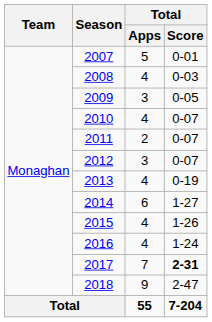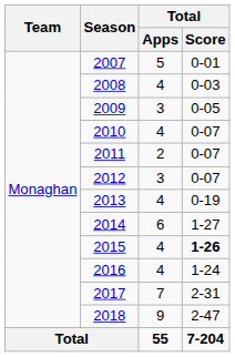 <table class="wikitable" style="text-align:center">
 <tr>
 <th rowspan="2">Team</th>
 <th rowspan="2">Season</th>
 <th colspan="2">Total</th>
 </tr>
 <tr>
 <th>Apps</th>
 <th>Score</th>
 </tr>
 <tr>
 <td rowspan="12"><a href='#'>Monaghan</a></td>
 <td><a href='#'>2007</a></td>
 <td>5</td>
 <td>0-01</td>
 </tr>
 <tr>
 <td><a href='#'>2008</a></td>
 <td>4</td>
 <td>0-03</td>
 </tr>
 <tr>
 <td><a href='#'>2009</a></td>
 <td>3</td>
 <td>0-05</td>
 </tr>
 <tr>
 <td><a href='#'>2010</a></td>
 <td>4</td>
 <td>0-07</td>
 </tr>
 <tr>
 <td><a href='#'>2011</a></td>
 <td>2</td>
 <td>0-07</td>
 </tr>
 <tr>
 <td><a href='#'>2012</a></td>
 <td>3</td>
 <td>0-07</td>
 </tr>
 <tr>
 <td><a href='#'>2013</a></td>
 <td>4</td>
 <td>0-19</td>
 </tr>
 <tr>
 <td><a href='#'>2014</a></td>
 <td>6</td>
 <td>1-27</td>
 </tr>
 <tr>
 <td><a href='#'>2015</a></td>
 <td>4</td>
-<td>1-26</td>
+<td><strong>1-26</strong></td>
 </tr>
 <tr>
 <td><a href='#'>2016</a></td>
 <td>4</td>
 <td>1-24</td>
 </tr>
 <tr>
 <td><a href='#'>2017</a></td>
 <td>7</td>
-<td><strong>2-31</strong></td>
+<td>2-31</td>
 </tr>
 <tr>
 <td><a href='#'>2018</a></td>
 <td>9</td>
 <td>2-47</td>
 </tr>
 <tr>
 <th colspan="2">Total</th>
 <td><strong>55</strong></td>
 <td><strong>7-204</strong></td>
 </tr>
 </table>
